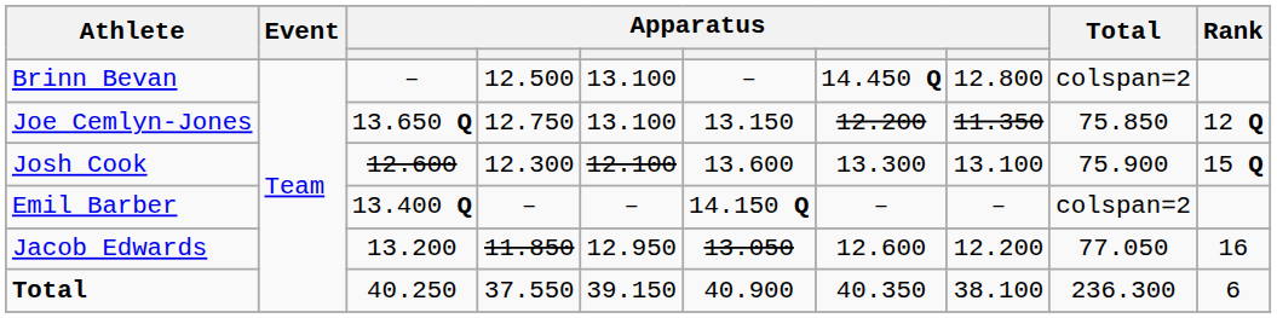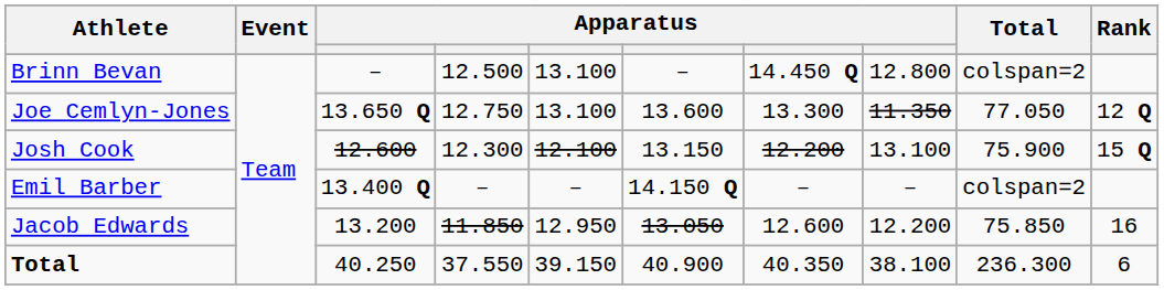 <table class="wikitable" style="font-size:90%; text-align:center">
 <tr>
 <th rowspan=2>Athlete</th>
 <th rowspan=2>Event</th>
 <th colspan=6>Apparatus</th>
 <th rowspan=2>Total</th>
 <th rowspan=2>Rank</th>
 </tr>
 <tr style="font-size:95%">
 <th></th>
 <th></th>
 <th></th>
 <th></th>
 <th></th>
 <th></th>
 </tr>
 <tr>
 <td align=left><a href='#'>Brinn Bevan</a></td>
 <td align=left rowspan=6><a href='#'>Team</a></td>
 <td>–</td>
 <td>12.500</td>
 <td>13.100</td>
 <td>–</td>
 <td>14.450 <strong>Q</strong></td>
 <td>12.800</td>
 <td>colspan=2 </td>
 </tr>
 <tr>
 <td align=left><a href='#'>Joe Cemlyn-Jones</a></td>
 <td>13.650 <strong>Q</strong></td>
 <td>12.750</td>
 <td>13.100</td>
-<td>13.150</td>
-<td><s>12.200</s></td>
+<td>13.600</td>
+<td>13.300</td>
 <td><s>11.350</s></td>
-<td>75.850</td>
+<td>77.050</td>
 <td>12 <strong>Q</strong></td>
 </tr>
 <tr>
 <td align=left><a href='#'>Josh Cook</a></td>
 <td><s>12.600</s></td>
 <td>12.300</td>
 <td><s>12.100</s></td>
-<td>13.600</td>
-<td>13.300</td>
+<td>13.150</td>
+<td><s>12.200</s></td>
 <td>13.100</td>
 <td>75.900</td>
 <td>15 <strong>Q</strong></td>
 </tr>
 <tr>
 <td align=left><a href='#'>Emil Barber</a></td>
 <td>13.400 <strong>Q</strong></td>
 <td>–</td>
 <td>–</td>
 <td>14.150 <strong>Q</strong></td>
 <td>–</td>
 <td>–</td>
 <td>colspan=2 </td>
 </tr>
 <tr>
 <td align=left><a href='#'>Jacob Edwards</a></td>
 <td>13.200</td>
 <td><s>11.850</s></td>
 <td>12.950</td>
 <td><s>13.050</s></td>
 <td>12.600</td>
 <td>12.200</td>
-<td>77.050</td>
+<td>75.850</td>
 <td>16</td>
 </tr>
 <tr>
 <td align=left><strong>Total</strong></td>
 <td>40.250</td>
 <td>37.550</td>
 <td>39.150</td>
 <td>40.900</td>
 <td>40.350</td>
 <td>38.100</td>
 <td>236.300</td>
 <td>6</td>
 </tr>
 </table>
